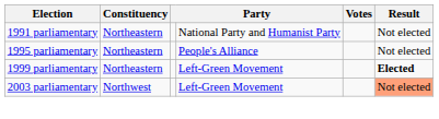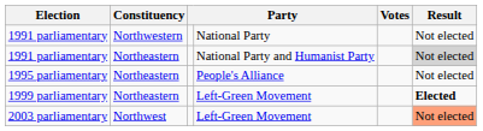 <table class="wikitable" style="text-align:left;">
 <tr>
 <th scope=col>Election</th>
 <th scope=col>Constituency</th>
 <th scope=col colspan="2">Party</th>
 <th scope=col>Votes</th>
 <th scope=col>Result</th>
 </tr>
 <tr>
 <td><a href='#'>1991 parliamentary</a></td>
+<td><a href='#'>Northwestern</a></td>
+<td></td>
+<td>National Party</td>
+<td align=right></td>
+<td>Not elected</td>
+</tr>
+<tr>
+<td><a href='#'>1991 parliamentary</a></td>
 <td><a href='#'>Northeastern</a></td>
 <td></td>
 <td>National Party and <a href='#'>Humanist Party</a></td>
 <td align=right></td>
-<td>Not elected</td>
+<td style="background: lightgrey;">Not elected</td>
 </tr>
 <tr>
 <td><a href='#'>1995 parliamentary</a></td>
 <td><a href='#'>Northeastern</a></td>
 <td style="background:"></td>
 <td><a href='#'>People's Alliance</a></td>
 <td align=right></td>
 <td>Not elected</td>
 </tr>
 <tr>
 <td><a href='#'>1999 parliamentary</a></td>
 <td><a href='#'>Northeastern</a></td>
 <td style="background:"></td>
 <td><a href='#'>Left-Green Movement</a></td>
 <td align=right></td>
 <td><strong>Elected</strong></td>
 </tr>
 <tr>
 <td><a href='#'>2003 parliamentary</a></td>
 <td><a href='#'>Northwest</a></td>
 <td style="background:"></td>
 <td><a href='#'>Left-Green Movement</a></td>
 <td align=right></td>
 <td style="background: lightsalmon;">Not elected</td>
 </tr>
 </table>
